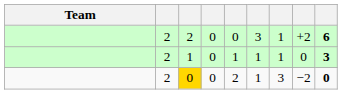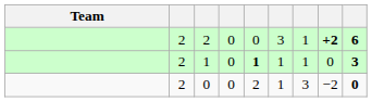 <table class="wikitable" style="text-align:center;">
 <tr>
 <th width=175>Team</th>
 <th width=20></th>
 <th width=20></th>
 <th width=20></th>
 <th width=20></th>
 <th width=20></th>
 <th width=20></th>
 <th width=20></th>
 <th width=20></th>
 </tr>
 <tr style="background:#ccffcc;">
 <td align=left></td>
 <td>2</td>
 <td>2</td>
 <td>0</td>
 <td>0</td>
 <td>3</td>
 <td>1</td>
-<td>+2</td>
+<td><strong>+2</strong></td>
 <td><strong>6</strong></td>
 </tr>
 <tr style="background:#ccffcc;">
 <td align=left></td>
 <td>2</td>
 <td>1</td>
 <td>0</td>
-<td>1</td>
+<td><strong>1</strong></td>
 <td>1</td>
 <td>1</td>
 <td>0</td>
 <td><strong>3</strong></td>
 </tr>
 <tr>
 <td align=left></td>
 <td>2</td>
-<td style="background: gold;">0</td>
+<td>0</td>
 <td>0</td>
 <td>2</td>
 <td>1</td>
 <td>3</td>
 <td>−2</td>
 <td><strong>0</strong></td>
 </tr>
 </table>
